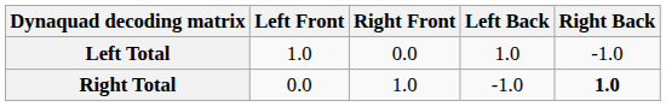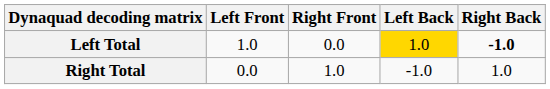 <table class="wikitable" style="text-align:center">
 <tr>
 <th>Dynaquad decoding matrix</th>
 <th>Left Front</th>
 <th>Right Front</th>
 <th>Left Back</th>
 <th>Right Back</th>
 </tr>
 <tr>
 <th>Left Total</th>
 <td>1.0</td>
 <td>0.0</td>
-<td>1.0</td>
-<td>-1.0</td>
+<td style="background: gold;">1.0</td>
+<td><strong>-1.0</strong></td>
 </tr>
 <tr>
 <th>Right  Total</th>
 <td>0.0</td>
 <td>1.0</td>
 <td>-1.0</td>
-<td><strong>1.0</strong></td>
+<td>1.0</td>
 </tr>
 </table>
